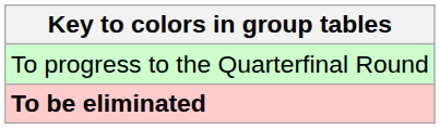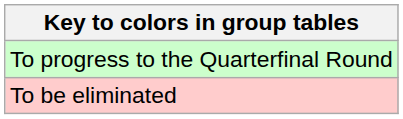 <table class="wikitable" border="1">
 <tr>
 <th>Key to colors in group tables</th>
 </tr>
 <tr style="background:#cfc;">
 <td>To progress to the Quarterfinal Round</td>
 </tr>
 <tr style="background:#ffcccc;">
-<td><strong>To be eliminated</strong></td>
+<td>To be eliminated</td>
 </tr>
 </table>
